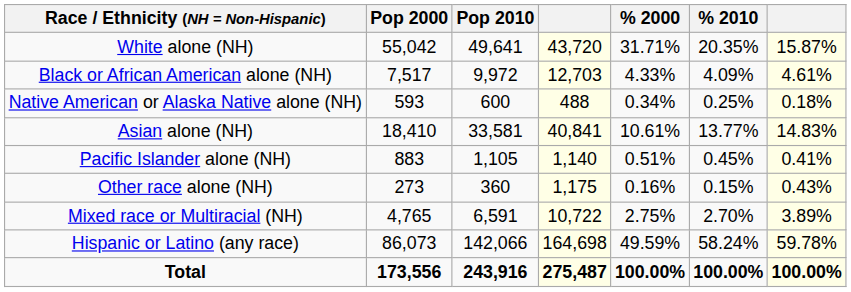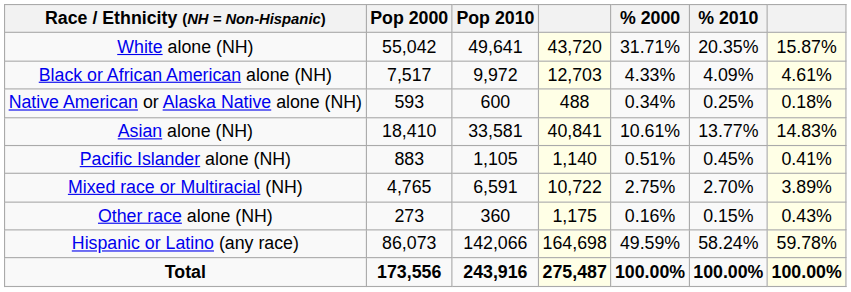 <table class="wikitable" style="text-align:center;">
 <tr>
 <th>Race / Ethnicity <small>(<em>NH = Non-Hispanic</em>)</small></th>
 <th>Pop 2000</th>
 <th>Pop 2010</th>
 <th></th>
 <th>% 2000</th>
 <th>% 2010</th>
 <th></th>
 </tr>
 <tr>
 <td><a href='#'>White</a> alone (NH)</td>
 <td>55,042</td>
 <td>49,641</td>
 <td style='background: #ffffe6;'>43,720</td>
 <td>31.71%</td>
 <td>20.35%</td>
 <td style='background: #ffffe6;'>15.87%</td>
 </tr>
 <tr>
 <td><a href='#'>Black or African American</a> alone (NH)</td>
 <td>7,517</td>
 <td>9,972</td>
 <td style='background: #ffffe6;'>12,703</td>
 <td>4.33%</td>
 <td>4.09%</td>
 <td style='background: #ffffe6;'>4.61%</td>
 </tr>
 <tr>
 <td><a href='#'>Native American</a> or <a href='#'>Alaska Native</a> alone (NH)</td>
 <td>593</td>
 <td>600</td>
 <td style='background: #ffffe6;'>488</td>
 <td>0.34%</td>
 <td>0.25%</td>
 <td style='background: #ffffe6;'>0.18%</td>
 </tr>
 <tr>
 <td><a href='#'>Asian</a> alone (NH)</td>
 <td>18,410</td>
 <td>33,581</td>
 <td style='background: #ffffe6;'>40,841</td>
 <td>10.61%</td>
 <td>13.77%</td>
 <td style='background: #ffffe6;'>14.83%</td>
 </tr>
 <tr>
 <td><a href='#'>Pacific Islander</a> alone (NH)</td>
 <td>883</td>
 <td>1,105</td>
 <td style='background: #ffffe6;'>1,140</td>
 <td>0.51%</td>
 <td>0.45%</td>
 <td style='background: #ffffe6;'>0.41%</td>
 </tr>
 <tr>
+<td><a href='#'>Mixed race or Multiracial</a> (NH)</td>
+<td>4,765</td>
+<td>6,591</td>
+<td style='background: #ffffe6;'>10,722</td>
+<td>2.75%</td>
+<td>2.70%</td>
+<td style='background: #ffffe6;'>3.89%</td>
+</tr>
+<tr>
 <td><a href='#'>Other race</a> alone (NH)</td>
 <td>273</td>
 <td>360</td>
 <td style='background: #ffffe6;'>1,175</td>
 <td>0.16%</td>
 <td>0.15%</td>
 <td style='background: #ffffe6;'>0.43%</td>
-</tr>
-<tr>
-<td><a href='#'>Mixed race or Multiracial</a> (NH)</td>
-<td>4,765</td>
-<td>6,591</td>
-<td style='background: #ffffe6;'>10,722</td>
-<td>2.75%</td>
-<td>2.70%</td>
-<td style='background: #ffffe6;'>3.89%</td>
 </tr>
 <tr>
 <td><a href='#'>Hispanic or Latino</a> (any race)</td>
 <td>86,073</td>
 <td>142,066</td>
 <td style='background: #ffffe6;'>164,698</td>
 <td>49.59%</td>
 <td>58.24%</td>
 <td style='background: #ffffe6;'>59.78%</td>
 </tr>
 <tr>
 <td><strong>Total</strong></td>
 <td><strong>173,556</strong></td>
 <td><strong>243,916</strong></td>
 <td style='background: #ffffe6;'><strong>275,487</strong></td>
 <td><strong>100.00%</strong></td>
 <td><strong>100.00%</strong></td>
 <td style='background: #ffffe6;'><strong>100.00%</strong></td>
 </tr>
 </table>
